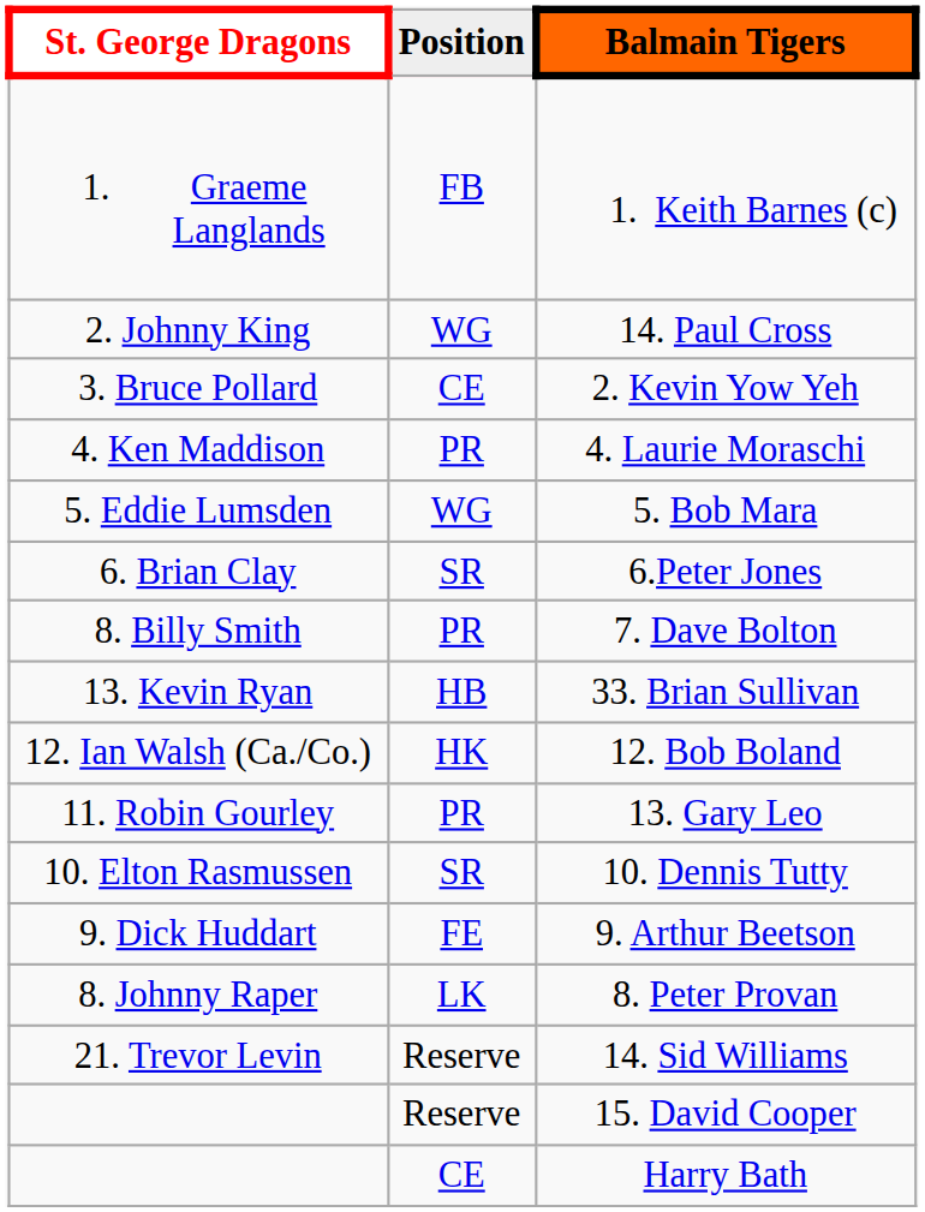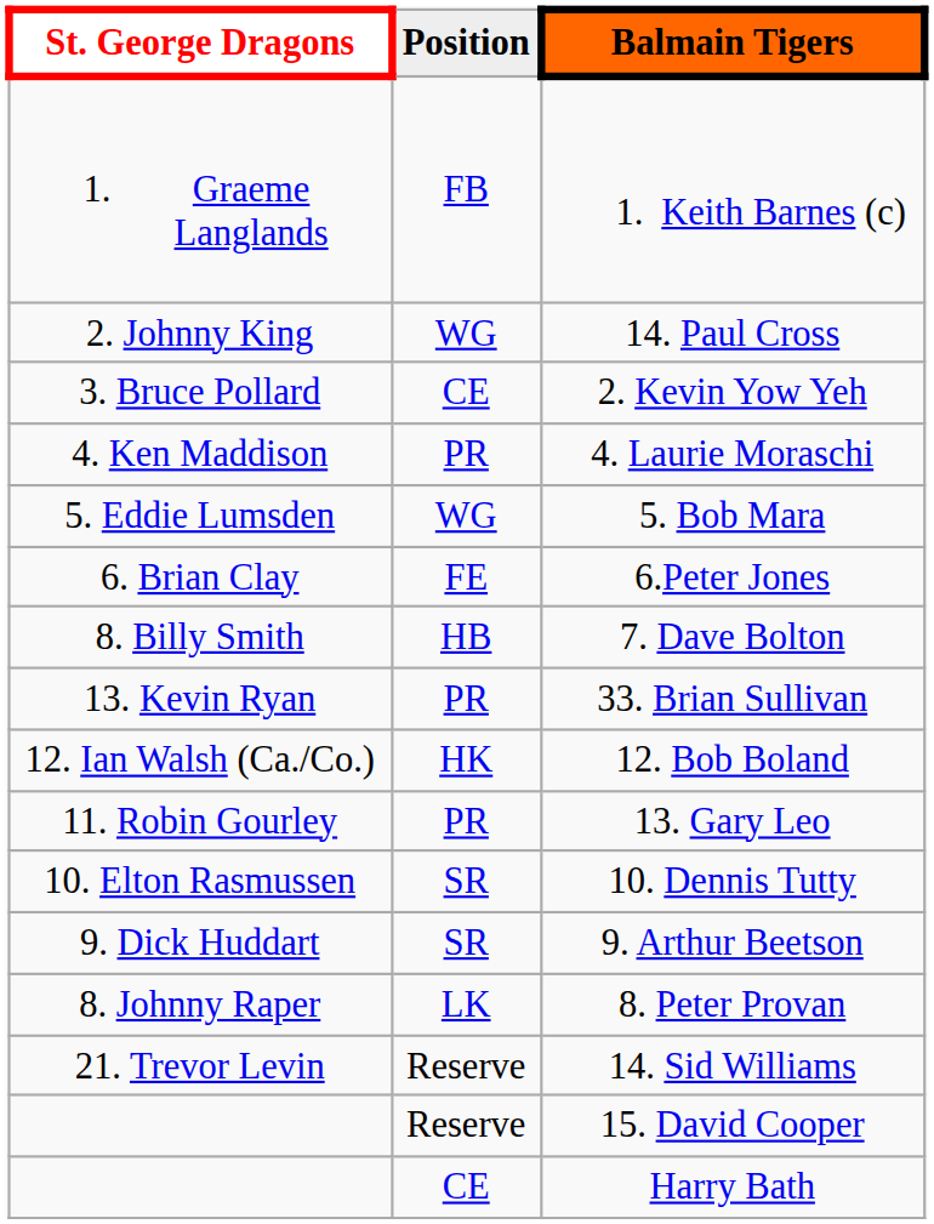 <table align="right" class="wikitable" style="font-size:90%; margin-left:1em">
 <tr bgcolor="#FF0033">
 <th style="width:140px; border:3px solid red; background: white; color: red">St. George Dragons</th>
 <th style="width:40px; text-align:center; background:#eee; color:black;">Position</th>
 <th style="width:140px; border:3px solid black; background: #f60; color: black">Balmain Tigers</th>
 </tr>
 <tr align=center>
 <td><br><ol><li><a href='#'>Graeme Langlands</a></li></ol></td>
 <td><a href='#'>FB</a></td>
 <td><br><ol><li><a href='#'>Keith Barnes</a> (c)</li></ol></td>
 </tr>
 <tr align=center>
 <td>2. <a href='#'>Johnny King</a></td>
 <td><a href='#'>WG</a></td>
 <td>14. <a href='#'>Paul Cross</a></td>
 </tr>
 <tr align=center>
 <td>3. <a href='#'>Bruce Pollard</a></td>
 <td><a href='#'>CE</a></td>
 <td>2. <a href='#'>Kevin Yow Yeh</a></td>
 </tr>
 <tr align=center>
 <td>4. <a href='#'>Ken Maddison</a></td>
 <td><a href='#'>PR</a></td>
 <td>4. <a href='#'>Laurie Moraschi</a></td>
 </tr>
 <tr align=center>
 <td>5. <a href='#'>Eddie Lumsden</a></td>
 <td><a href='#'>WG</a></td>
 <td>5. <a href='#'>Bob Mara</a></td>
 </tr>
 <tr align=center>
 <td>6. <a href='#'>Brian Clay</a></td>
-<td><a href='#'>SR</a></td>
+<td><a href='#'>FE</a></td>
 <td>6.<a href='#'>Peter Jones</a></td>
 </tr>
 <tr align=center>
 <td>8. <a href='#'>Billy Smith</a></td>
-<td><a href='#'>PR</a></td>
+<td><a href='#'>HB</a></td>
 <td>7. <a href='#'>Dave Bolton</a></td>
 </tr>
 <tr align=center>
 <td>13. <a href='#'>Kevin Ryan</a></td>
-<td><a href='#'>HB</a></td>
+<td><a href='#'>PR</a></td>
 <td>33. <a href='#'>Brian Sullivan</a></td>
 </tr>
 <tr align=center>
 <td>12. <a href='#'>Ian Walsh</a> (Ca./Co.)</td>
 <td><a href='#'>HK</a></td>
 <td>12. <a href='#'>Bob Boland</a></td>
 </tr>
 <tr align=center>
 <td>11. <a href='#'>Robin Gourley</a></td>
 <td><a href='#'>PR</a></td>
 <td>13. <a href='#'>Gary Leo</a></td>
 </tr>
 <tr align=center>
 <td>10. <a href='#'>Elton Rasmussen</a></td>
 <td><a href='#'>SR</a></td>
 <td>10. <a href='#'>Dennis Tutty</a></td>
 </tr>
 <tr align=center>
 <td>9. <a href='#'>Dick Huddart</a></td>
-<td><a href='#'>FE</a></td>
+<td><a href='#'>SR</a></td>
 <td>9. <a href='#'>Arthur Beetson</a></td>
 </tr>
 <tr align=center>
 <td>8. <a href='#'>Johnny Raper</a></td>
 <td><a href='#'>LK</a></td>
 <td>8. <a href='#'>Peter Provan</a></td>
 </tr>
 <tr align=center>
 <td>21. <a href='#'>Trevor Levin</a></td>
 <td>Reserve</td>
 <td>14. <a href='#'>Sid Williams</a></td>
 </tr>
 <tr align=center>
 <td></td>
 <td>Reserve</td>
 <td>15. <a href='#'>David Cooper</a></td>
 </tr>
 <tr align=center>
 <td></td>
 <td><a href='#'>CE</a></td>
 <td><a href='#'>Harry Bath</a></td>
 </tr>
 <tr>
 </tr>
 </table>
